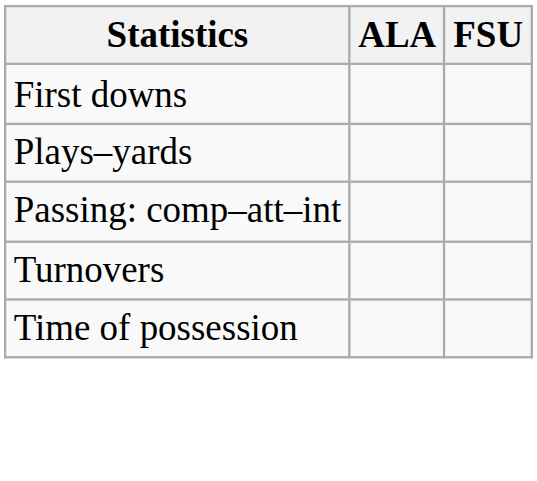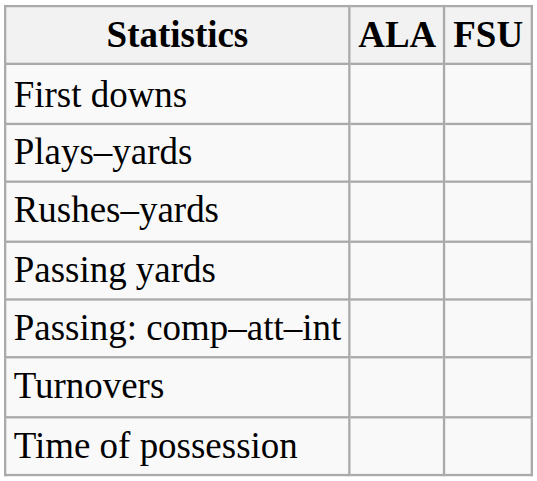 <table class="wikitable" style="float:left">
 <tr>
 <th>Statistics</th>
 <th>ALA</th>
 <th>FSU</th>
 </tr>
 <tr>
 <td>First downs</td>
 <td></td>
 <td></td>
 </tr>
 <tr>
 <td>Plays–yards</td>
+<td></td>
+<td></td>
+</tr>
+<tr>
+<td>Rushes–yards</td>
+<td></td>
+<td></td>
+</tr>
+<tr>
+<td>Passing yards</td>
 <td></td>
 <td></td>
 </tr>
 <tr>
 <td>Passing: comp–att–int</td>
 <td></td>
 <td></td>
 </tr>
 <tr>
 <td>Turnovers</td>
 <td></td>
 <td></td>
 </tr>
 <tr>
 <td>Time of possession</td>
 <td></td>
 <td></td>
 </tr>
 </table>
